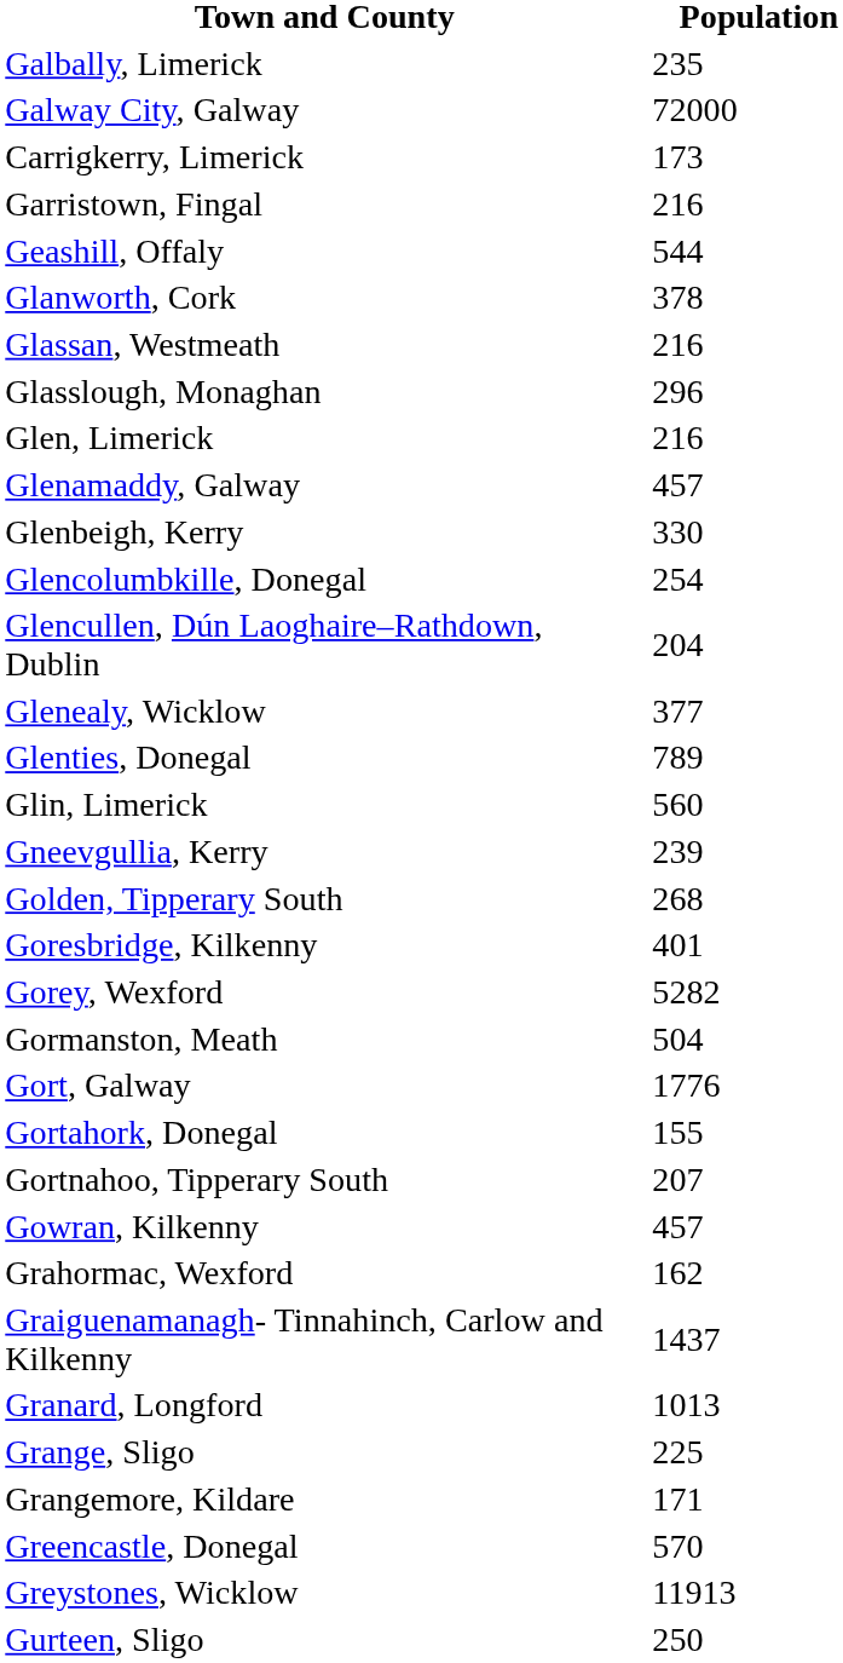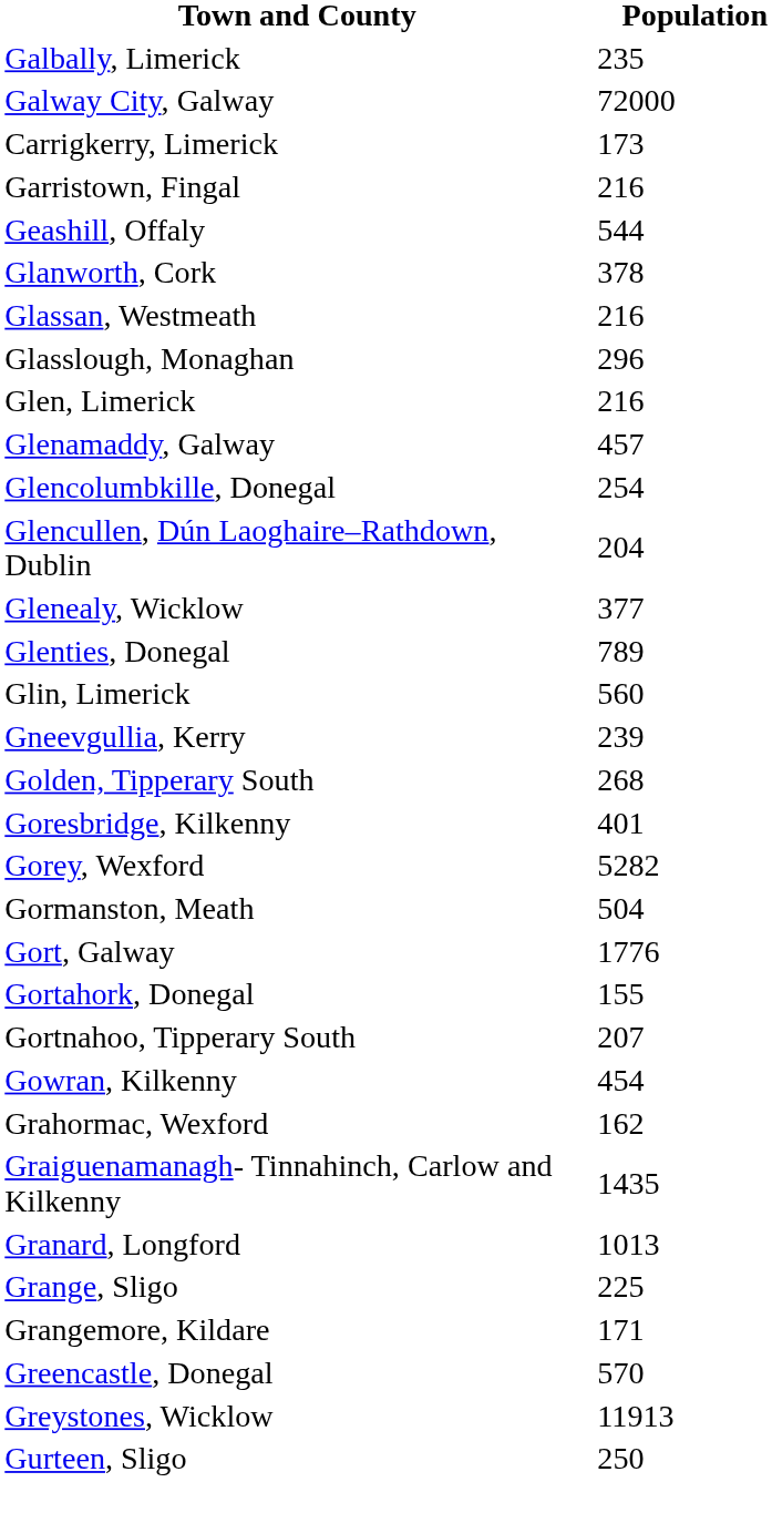 <table>
 <tr>
 <th style="width:300px;align:left;">Town and County</th>
 <th style="width:100px;align:right;">Population</th>
 </tr>
 <tr>
 <td><a href='#'>Galbally</a>, Limerick</td>
 <td>235</td>
 </tr>
 <tr>
 <td><a href='#'>Galway City</a>, Galway</td>
 <td>72000</td>
 </tr>
 <tr>
 <td>Carrigkerry, Limerick</td>
 <td>173</td>
 </tr>
 <tr>
 <td>Garristown, Fingal</td>
 <td>216</td>
 </tr>
 <tr>
 <td><a href='#'>Geashill</a>, Offaly</td>
 <td>544</td>
 </tr>
 <tr>
 <td><a href='#'>Glanworth</a>, Cork</td>
 <td>378</td>
 </tr>
 <tr>
 <td><a href='#'>Glassan</a>, Westmeath</td>
 <td>216</td>
 </tr>
 <tr>
 <td>Glasslough, Monaghan</td>
 <td>296</td>
 </tr>
 <tr>
 <td>Glen, Limerick</td>
 <td>216</td>
 </tr>
 <tr>
 <td><a href='#'>Glenamaddy</a>, Galway</td>
 <td>457</td>
-</tr>
-<tr>
-<td>Glenbeigh, Kerry</td>
-<td>330</td>
 </tr>
 <tr>
 <td><a href='#'>Glencolumbkille</a>, Donegal</td>
 <td>254</td>
 </tr>
 <tr>
 <td><a href='#'>Glencullen</a>, <a href='#'>Dún Laoghaire–Rathdown</a>, Dublin</td>
 <td>204</td>
 </tr>
 <tr>
 <td><a href='#'>Glenealy</a>, Wicklow</td>
 <td>377</td>
 </tr>
 <tr>
 <td><a href='#'>Glenties</a>, Donegal</td>
 <td>789</td>
 </tr>
 <tr>
 <td>Glin, Limerick</td>
 <td>560</td>
 </tr>
 <tr>
 <td><a href='#'>Gneevgullia</a>, Kerry</td>
 <td>239</td>
 </tr>
 <tr>
 <td><a href='#'>Golden, Tipperary</a> South</td>
 <td>268</td>
 </tr>
 <tr>
 <td><a href='#'>Goresbridge</a>, Kilkenny</td>
 <td>401</td>
 </tr>
 <tr>
 <td><a href='#'>Gorey</a>, Wexford</td>
 <td>5282</td>
 </tr>
 <tr>
 <td>Gormanston, Meath</td>
 <td>504</td>
 </tr>
 <tr>
 <td><a href='#'>Gort</a>, Galway</td>
 <td>1776</td>
 </tr>
 <tr>
 <td><a href='#'>Gortahork</a>, Donegal</td>
 <td>155</td>
 </tr>
 <tr>
 <td>Gortnahoo, Tipperary South</td>
 <td>207</td>
 </tr>
 <tr>
 <td><a href='#'>Gowran</a>, Kilkenny</td>
-<td>457</td>
+<td>454</td>
 </tr>
 <tr>
 <td>Grahormac, Wexford</td>
 <td>162</td>
 </tr>
 <tr>
 <td><a href='#'>Graiguenamanagh</a>- Tinnahinch, Carlow and Kilkenny</td>
-<td>1437</td>
+<td>1435</td>
 </tr>
 <tr>
 <td><a href='#'>Granard</a>, Longford</td>
 <td>1013</td>
 </tr>
 <tr>
 <td><a href='#'>Grange</a>, Sligo</td>
 <td>225</td>
 </tr>
 <tr>
 <td>Grangemore, Kildare</td>
 <td>171</td>
 </tr>
 <tr>
 <td><a href='#'>Greencastle</a>, Donegal</td>
 <td>570</td>
 </tr>
 <tr>
 <td><a href='#'>Greystones</a>, Wicklow</td>
 <td>11913</td>
 </tr>
 <tr>
 <td><a href='#'>Gurteen</a>, Sligo</td>
 <td>250</td>
 </tr>
 </table>
